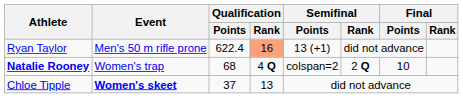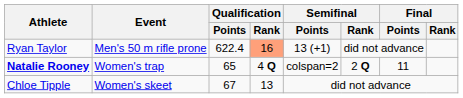 <table class="wikitable" style="font-size:90%">
 <tr>
 <th rowspan="2">Athlete</th>
 <th rowspan="2">Event</th>
 <th colspan=2>Qualification</th>
 <th colspan=2>Semifinal</th>
 <th colspan=2>Final</th>
 </tr>
 <tr style="font-size:95%">
 <th>Points</th>
 <th>Rank</th>
 <th>Points</th>
 <th>Rank</th>
 <th>Points</th>
 <th>Rank</th>
 </tr>
 <tr align=center>
 <td align=left><a href='#'>Ryan Taylor</a></td>
 <td align=left><a href='#'>Men's 50 m rifle prone</a></td>
 <td>622.4</td>
 <td style="background: lightsalmon;">16</td>
 <td>13 (+1)</td>
 <td colspan=2>did not advance</td>
 </tr>
 <tr align=center>
 <td align=left><strong><a href='#'>Natalie Rooney</a></strong></td>
 <td align=left><a href='#'>Women's trap</a></td>
-<td>68</td>
+<td>65</td>
 <td>4 <strong>Q</strong></td>
 <td>colspan=2 </td>
 <td>2 <strong>Q</strong></td>
-<td>10</td>
+<td>11</td>
 <td></td>
 </tr>
 <tr align=center>
 <td align=left><a href='#'>Chloe Tipple</a></td>
-<td align=left><strong><a href='#'>Women's skeet</a></strong></td>
-<td>37</td>
+<td align=left><a href='#'>Women's skeet</a></td>
+<td>67</td>
 <td>13</td>
 <td colspan=4>did not advance</td>
 </tr>
 </table>
